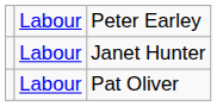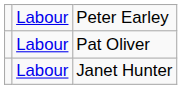 <table class="wikitable">
 <tr>
 <td></td>
 <td><a href='#'>Labour</a></td>
 <td>Peter Earley</td>
 </tr>
 <tr>
 <td></td>
 <td><a href='#'>Labour</a></td>
-<td>Janet Hunter</td>
+<td>Pat Oliver</td>
 </tr>
 <tr>
 <td></td>
 <td><a href='#'>Labour</a></td>
-<td>Pat Oliver</td>
+<td>Janet Hunter</td>
 </tr>
 </table>
